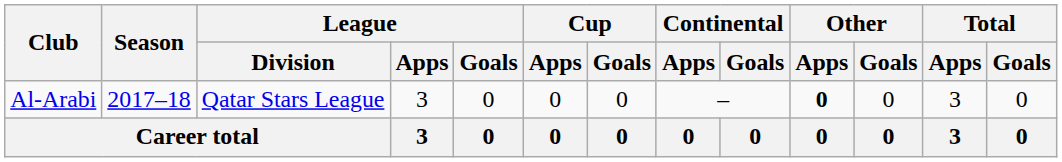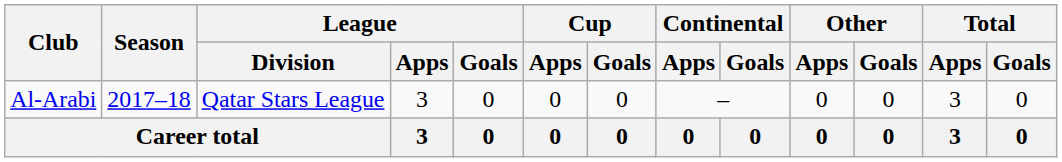 <table class="wikitable" style="text-align: center">
 <tr>
 <th rowspan="2">Club</th>
 <th rowspan="2">Season</th>
 <th colspan="3">League</th>
 <th colspan="2">Cup</th>
 <th colspan="2">Continental</th>
 <th colspan="2">Other</th>
 <th colspan="2">Total</th>
 </tr>
 <tr>
 <th>Division</th>
 <th>Apps</th>
 <th>Goals</th>
 <th>Apps</th>
 <th>Goals</th>
 <th>Apps</th>
 <th>Goals</th>
 <th>Apps</th>
 <th>Goals</th>
 <th>Apps</th>
 <th>Goals</th>
 </tr>
 <tr>
 <td><a href='#'>Al-Arabi</a></td>
 <td><a href='#'>2017–18</a></td>
 <td><a href='#'>Qatar Stars League</a></td>
 <td>3</td>
 <td>0</td>
 <td>0</td>
 <td>0</td>
 <td colspan="2">–</td>
-<td><strong>0</strong></td>
+<td>0</td>
 <td>0</td>
 <td>3</td>
 <td>0</td>
 </tr>
 <tr>
 <th colspan=3>Career total</th>
 <th>3</th>
 <th>0</th>
 <th>0</th>
 <th>0</th>
 <th>0</th>
 <th>0</th>
 <th>0</th>
 <th>0</th>
 <th>3</th>
 <th>0</th>
 </tr>
 </table>
